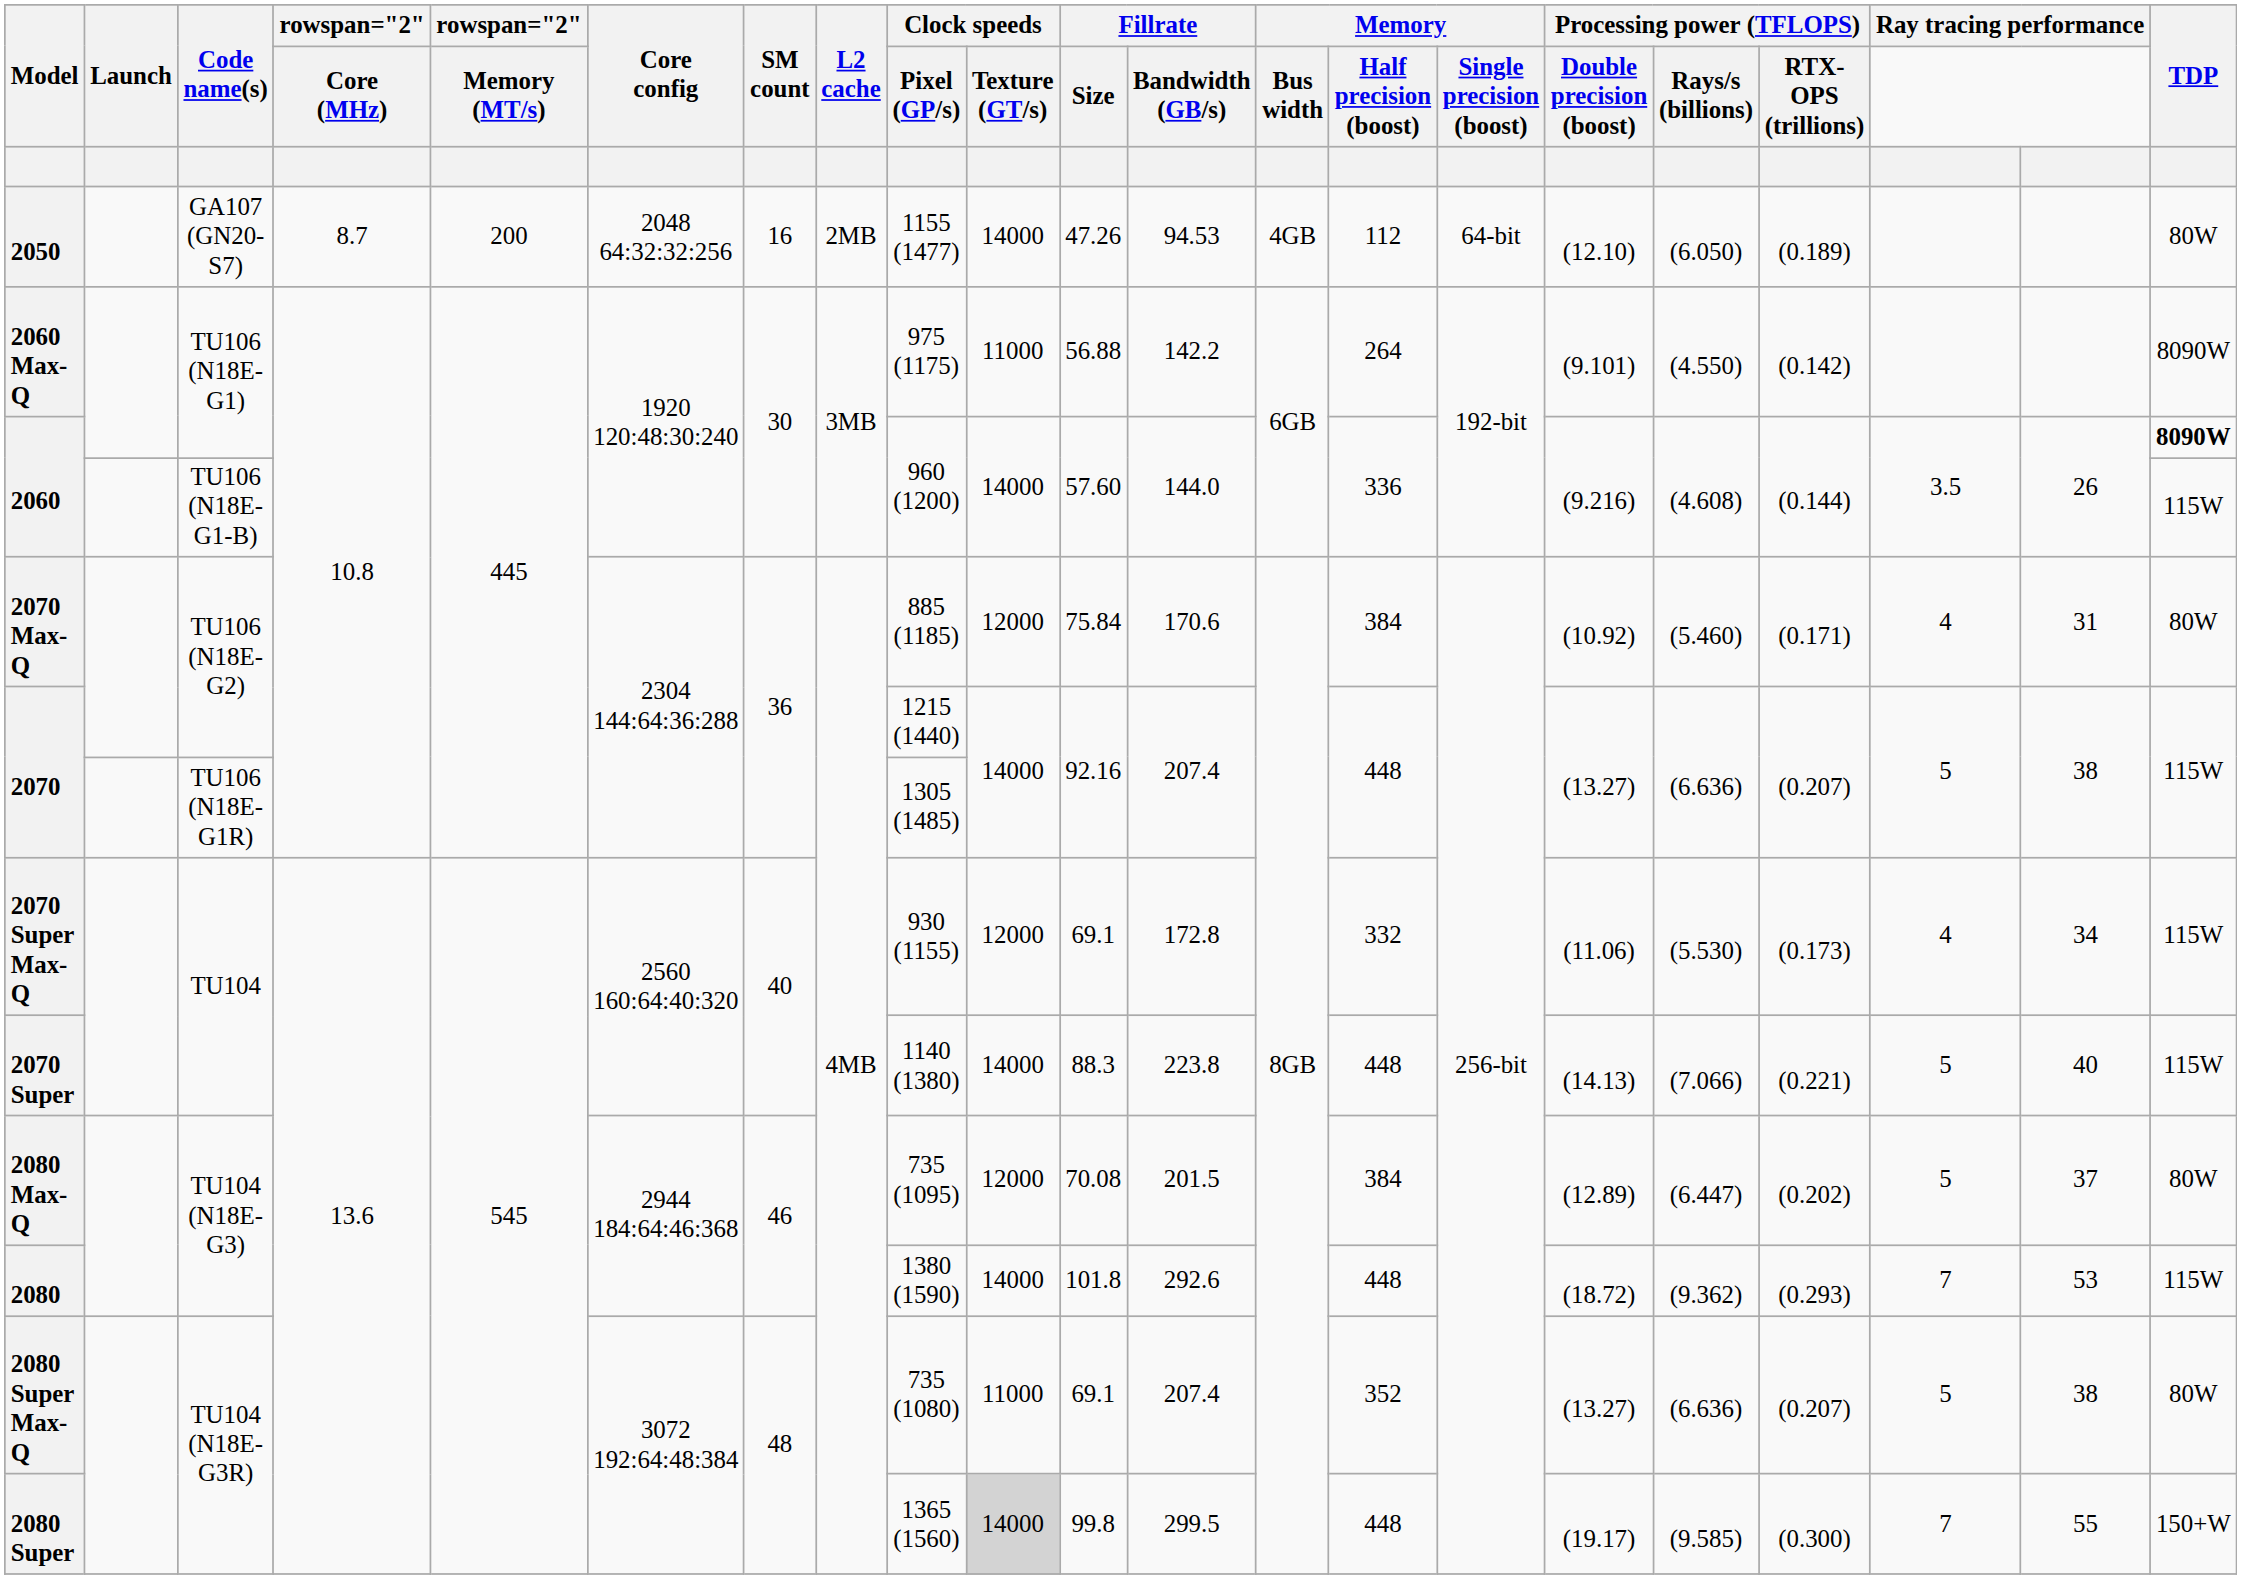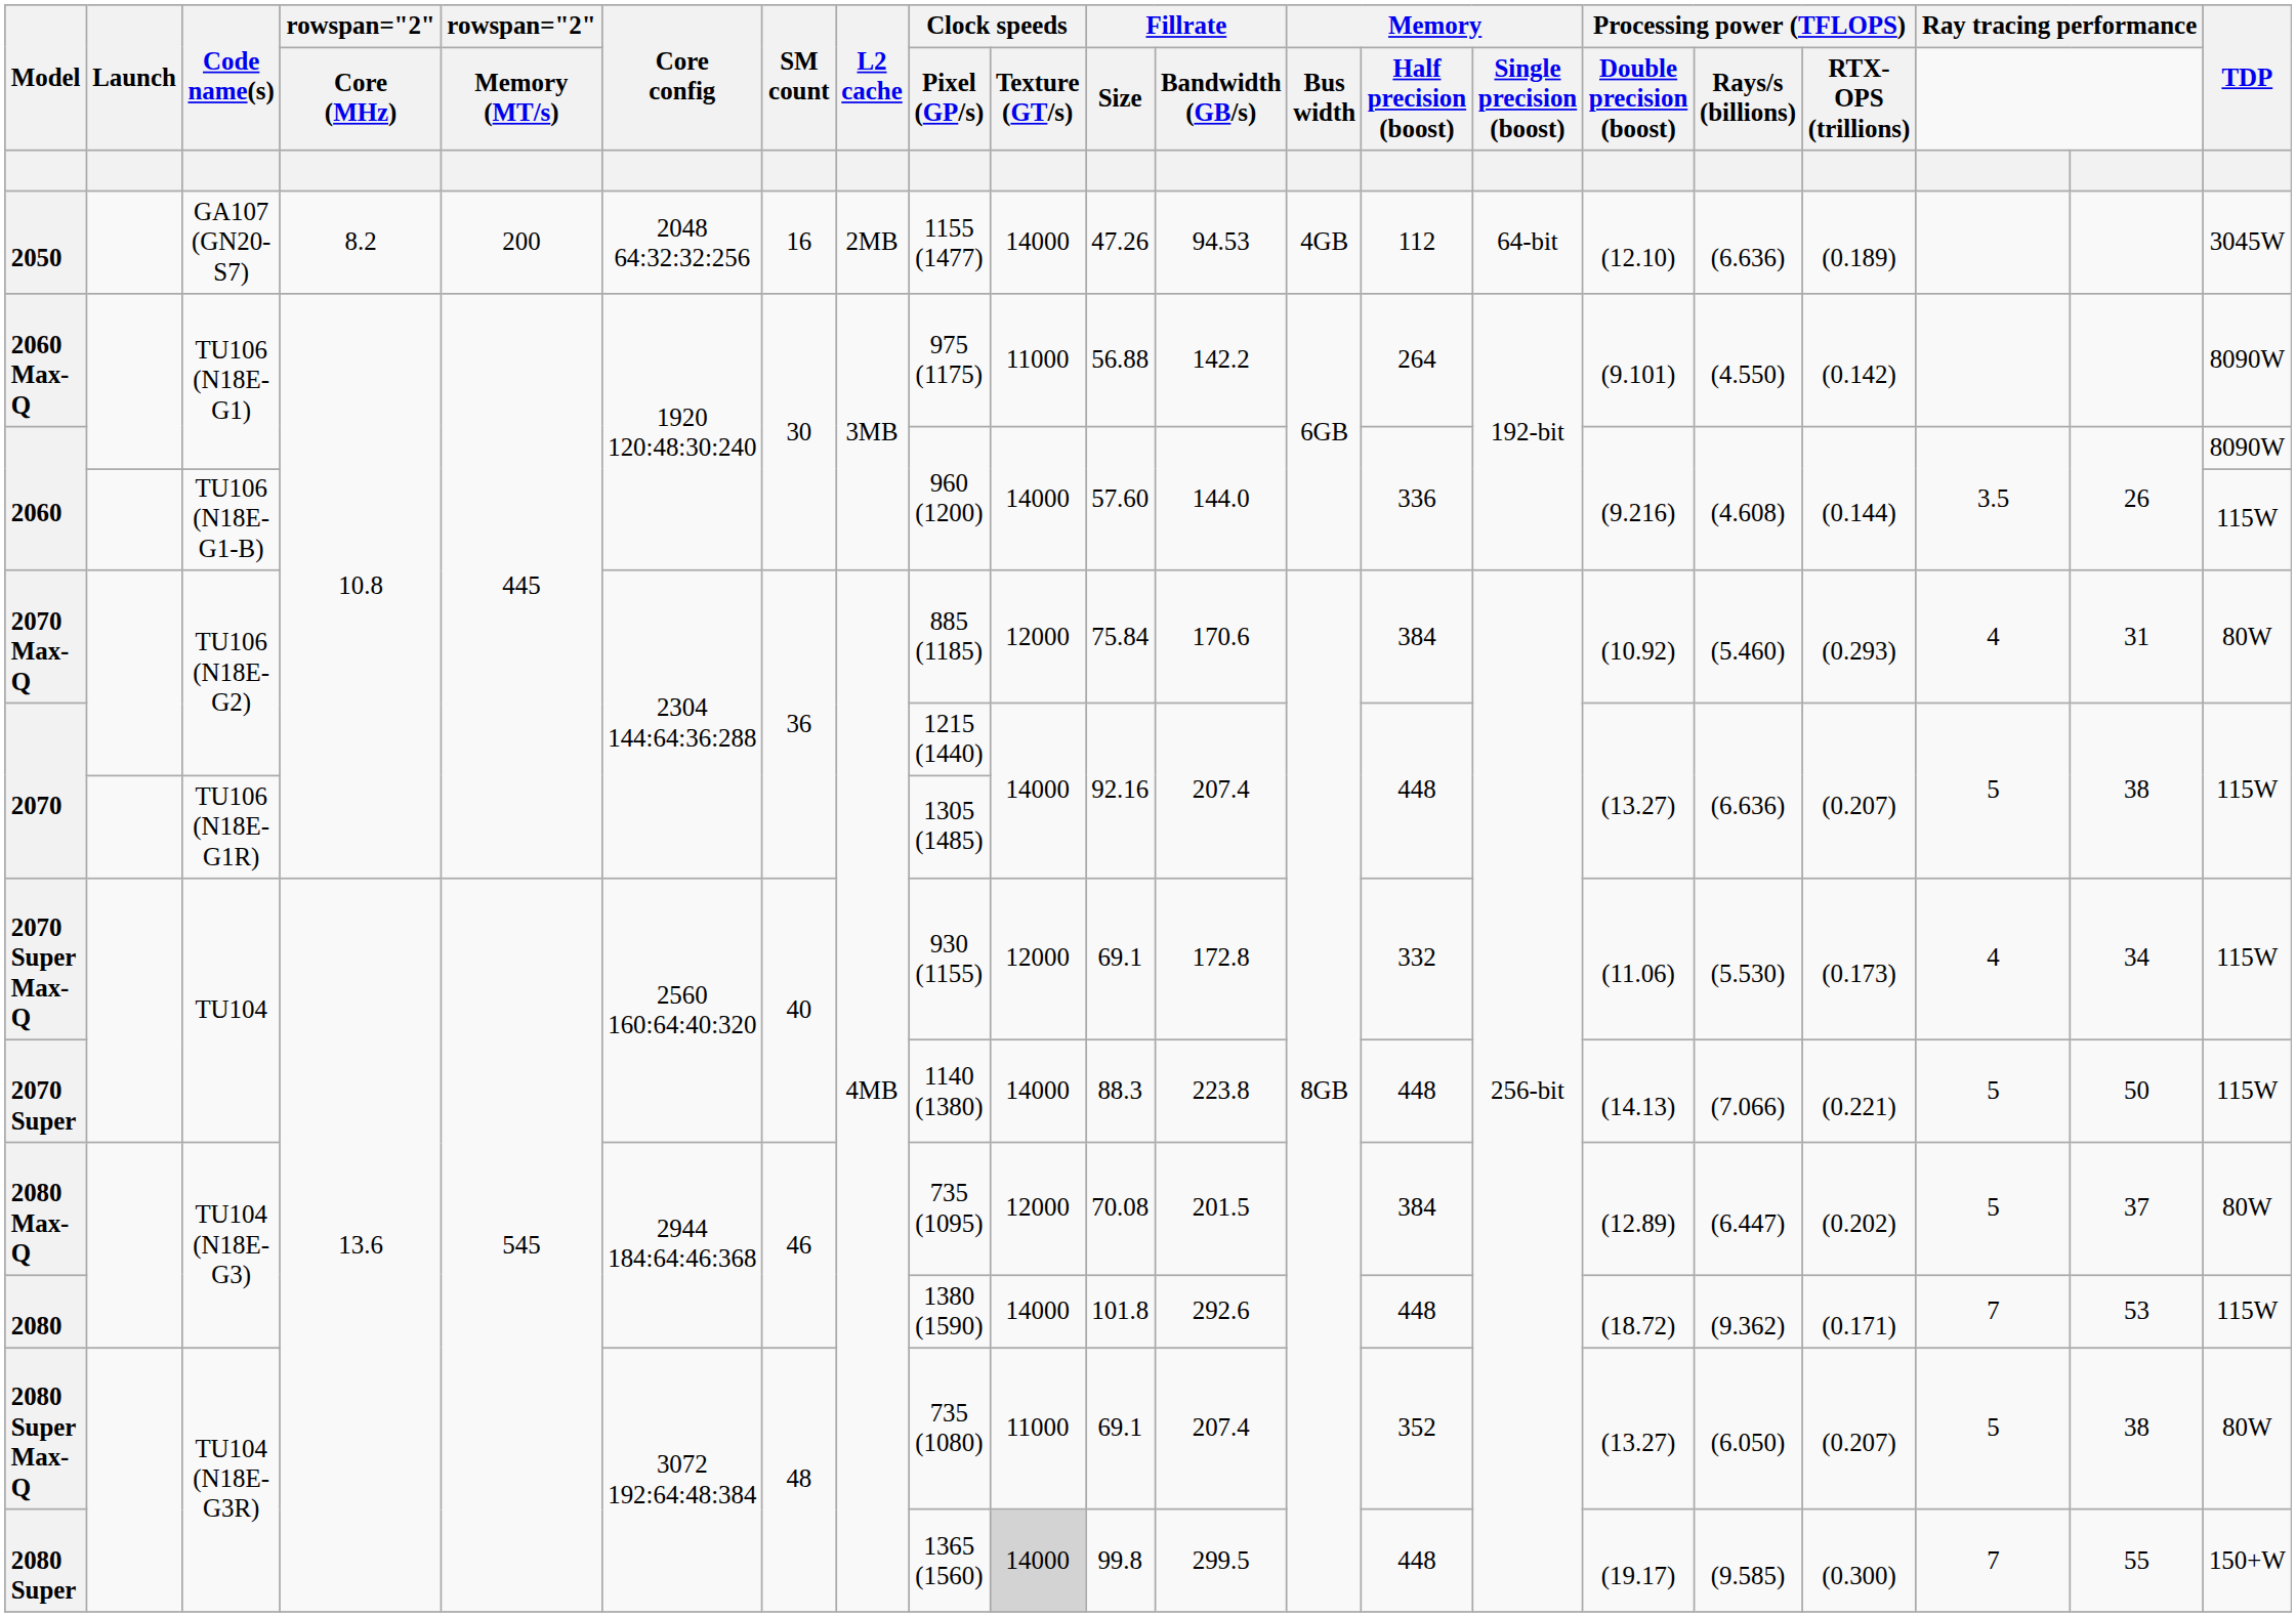 <table class="wikitable sortable mw-datatable" style="font-size: 90%; text-align: center;">
 <tr>
 <th rowspan="2">Model</th>
 <th rowspan="2">Launch</th>
 <th rowspan="2"><a href='#'>Code <br> name</a>(s)</th>
 <th>rowspan="2" </th>
 <th>rowspan="2" </th>
 <th rowspan="2">Core <br> config</th>
 <th rowspan="2">SM <br> count</th>
 <th rowspan="2"><a href='#'>L2 <br> cache</a></th>
 <th colspan="2">Clock speeds</th>
 <th colspan="2"><a href='#'>Fillrate</a></th>
 <th colspan="3"><a href='#'>Memory</a></th>
 <th colspan="3">Processing power (<a href='#'>TFLOPS</a>)</th>
 <th colspan="2">Ray tracing performance</th>
 <th rowspan="2"><a href='#'>TDP</a></th>
 </tr>
 <tr>
 <th>Core <br> (<a href='#'>MHz</a>)</th>
 <th>Memory <br> (<a href='#'>MT/s</a>)</th>
 <th>Pixel <br> (<a href='#'>GP</a>/s)</th>
 <th>Texture <br> (<a href='#'>GT</a>/s)</th>
 <th>Size</th>
 <th>Bandwidth <br> (<a href='#'>GB</a>/s)</th>
 <th>Bus width</th>
 <th><a href='#'>Half<br>precision</a><br>(boost)</th>
 <th><a href='#'>Single<br>precision</a><br>(boost)</th>
 <th><a href='#'>Double<br>precision</a><br>(boost)</th>
 <th>Rays/s<br>(billions)</th>
 <th>RTX-OPS<br>(trillions)</th>
 </tr>
 <tr>
 <th style="background-position:center"><br></th>
 <th style="background-position:center"></th>
 <th style="background-position:center"></th>
 <th style="background-position:center"></th>
 <th style="background-position:center"></th>
 <th style="background-position:center"></th>
 <th style="background-position:center"></th>
 <th style="background-position:center"></th>
 <th style="background-position:center"></th>
 <th style="background-position:center"></th>
 <th style="background-position:center"></th>
 <th style="background-position:center"></th>
 <th style="background-position:center"></th>
 <th style="background-position:center"></th>
 <th style="background-position:center"></th>
 <th style="background-position:center"></th>
 <th style="background-position:center"></th>
 <th style="background-position:center"></th>
 <th style="background-position:center"></th>
 <th style="background-position:center"></th>
 <th style="background-position:center"></th>
 </tr>
 <tr>
 <th style="text-align:left;"><br>2050</th>
 <td></td>
 <td>GA107 <br> (GN20-S7)</td>
-<td>8.7</td>
+<td>8.2</td>
 <td>200</td>
 <td>2048 <br> 64:32:32:256</td>
 <td>16</td>
 <td>2MB</td>
 <td>1155 <br> (1477)</td>
 <td>14000</td>
 <td>47.26</td>
 <td>94.53</td>
 <td>4GB</td>
 <td>112</td>
 <td>64-bit</td>
 <td><br> (12.10)</td>
-<td><br> (6.050)</td>
+<td><br> (6.636)</td>
 <td><br>(0.189)</td>
 <td></td>
 <td></td>
-<td>80W</td>
+<td>3045W</td>
 </tr>
 <tr>
 <th style="text-align:left;"><br>2060 Max-Q</th>
 <td rowspan="2"></td>
 <td rowspan="2">TU106 <br> (N18E-G1)</td>
 <td rowspan="6">10.8</td>
 <td rowspan="6">445</td>
 <td rowspan="3">1920 <br> 120:48:30:240</td>
 <td rowspan="3">30</td>
 <td rowspan="3">3MB</td>
 <td>975 <br> (1175)</td>
 <td>11000</td>
 <td>56.88</td>
 <td>142.2</td>
 <td rowspan="3">6GB</td>
 <td>264</td>
 <td rowspan="3">192-bit</td>
 <td><br> (9.101)</td>
 <td><br> (4.550)</td>
 <td><br> (0.142)</td>
 <td></td>
 <td></td>
 <td>8090W</td>
 </tr>
 <tr>
 <th rowspan="2" style="text-align:left;"><br>2060</th>
 <td rowspan="2">960 <br> (1200)</td>
 <td rowspan="2">14000</td>
 <td rowspan="2">57.60</td>
 <td rowspan="2">144.0</td>
 <td rowspan="2">336</td>
 <td rowspan="2"><br> (9.216)</td>
 <td rowspan="2"><br>(4.608)</td>
 <td rowspan="2"><br>(0.144)</td>
 <td rowspan="2">3.5</td>
 <td rowspan="2">26</td>
-<td><strong>8090W</strong></td>
+<td>8090W</td>
 </tr>
 <tr>
 <td></td>
 <td>TU106 <br> (N18E-G1-B)</td>
 <td>115W</td>
 </tr>
 <tr>
 <th style="text-align:left;"><br>2070 Max-Q</th>
 <td rowspan="2"></td>
 <td rowspan="2">TU106 <br> (N18E-G2)</td>
 <td rowspan="3">2304 <br> 144:64:36:288</td>
 <td rowspan="3">36</td>
 <td rowspan="9">4MB</td>
 <td>885 <br> (1185)</td>
 <td>12000</td>
 <td>75.84</td>
 <td>170.6</td>
 <td rowspan="9">8GB</td>
 <td>384</td>
 <td rowspan="9">256-bit</td>
 <td><br> (10.92)</td>
 <td><br> (5.460)</td>
-<td><br> (0.171)</td>
+<td><br> (0.293)</td>
 <td>4</td>
 <td>31</td>
 <td>80W</td>
 </tr>
 <tr>
 <th rowspan="2" style="text-align:left;"><br>2070</th>
 <td>1215 <br> (1440)</td>
 <td rowspan="2">14000</td>
 <td rowspan="2">92.16</td>
 <td rowspan="2">207.4</td>
 <td rowspan="2">448</td>
 <td rowspan="2"><br> (13.27)</td>
 <td rowspan="2"><br> (6.636)</td>
 <td rowspan="2"><br> (0.207)</td>
 <td rowspan="2">5</td>
 <td rowspan="2">38</td>
 <td rowspan="2">115W</td>
 </tr>
 <tr>
 <td></td>
 <td>TU106 <br> (N18E-G1R)</td>
 <td>1305 <br> (1485)</td>
 </tr>
 <tr>
 <th style="text-align:left;"><br>2070 Super Max-Q</th>
 <td rowspan="2"></td>
 <td rowspan="2">TU104 <br> </td>
 <td rowspan="6">13.6</td>
 <td rowspan="6">545</td>
 <td rowspan="2">2560 <br> 160:64:40:320</td>
 <td rowspan="2">40</td>
 <td>930 <br> (1155)</td>
 <td>12000</td>
 <td>69.1</td>
 <td>172.8</td>
 <td>332</td>
 <td><br> (11.06)</td>
 <td><br> (5.530)</td>
 <td><br> (0.173)</td>
 <td>4</td>
 <td>34</td>
 <td>115W</td>
 </tr>
 <tr>
 <th style="text-align:left;"><br>2070 Super</th>
 <td>1140 <br> (1380)</td>
 <td>14000</td>
 <td>88.3</td>
 <td>223.8</td>
 <td>448</td>
 <td><br> (14.13)</td>
 <td><br> (7.066)</td>
 <td><br> (0.221)</td>
 <td>5</td>
-<td>40</td>
+<td>50</td>
 <td>115W</td>
 </tr>
 <tr>
 <th style="text-align:left;"><br>2080 Max-Q</th>
 <td rowspan="2"></td>
 <td rowspan="2">TU104<br>(N18E-G3)</td>
 <td rowspan="2">2944<br>184:64:46:368</td>
 <td rowspan="2">46</td>
 <td>735 <br> (1095)</td>
 <td>12000</td>
 <td>70.08</td>
 <td>201.5</td>
 <td>384</td>
 <td><br> (12.89)</td>
 <td><br> (6.447)</td>
 <td><br> (0.202)</td>
 <td>5</td>
 <td>37</td>
 <td>80W</td>
 </tr>
 <tr>
 <th style="text-align:left;"><br>2080</th>
 <td>1380<br>(1590)</td>
 <td>14000</td>
 <td>101.8</td>
 <td>292.6</td>
 <td>448</td>
 <td><br> (18.72)</td>
 <td><br> (9.362)</td>
-<td><br> (0.293)</td>
+<td><br> (0.171)</td>
 <td>7</td>
 <td>53</td>
 <td>115W</td>
 </tr>
 <tr>
 <th style="text-align:left;"><br>2080 Super Max-Q</th>
 <td rowspan="2"></td>
 <td rowspan="2">TU104 <br> (N18E-G3R)</td>
 <td rowspan="2">3072 <br> 192:64:48:384</td>
 <td rowspan="2">48</td>
 <td>735 <br> (1080)</td>
 <td>11000</td>
 <td>69.1</td>
 <td>207.4</td>
 <td>352</td>
 <td><br> (13.27)</td>
-<td><br> (6.636)</td>
+<td><br> (6.050)</td>
 <td><br> (0.207)</td>
 <td>5</td>
 <td>38</td>
 <td>80W</td>
 </tr>
 <tr>
 <th style="text-align:left;"><br>2080 Super</th>
 <td>1365 <br> (1560)</td>
 <td style="background: lightgrey;">14000</td>
 <td>99.8</td>
 <td>299.5</td>
 <td>448</td>
 <td><br> (19.17)</td>
 <td><br> (9.585)</td>
 <td><br> (0.300)</td>
 <td>7</td>
 <td>55</td>
 <td>150+W</td>
 </tr>
 </table>
